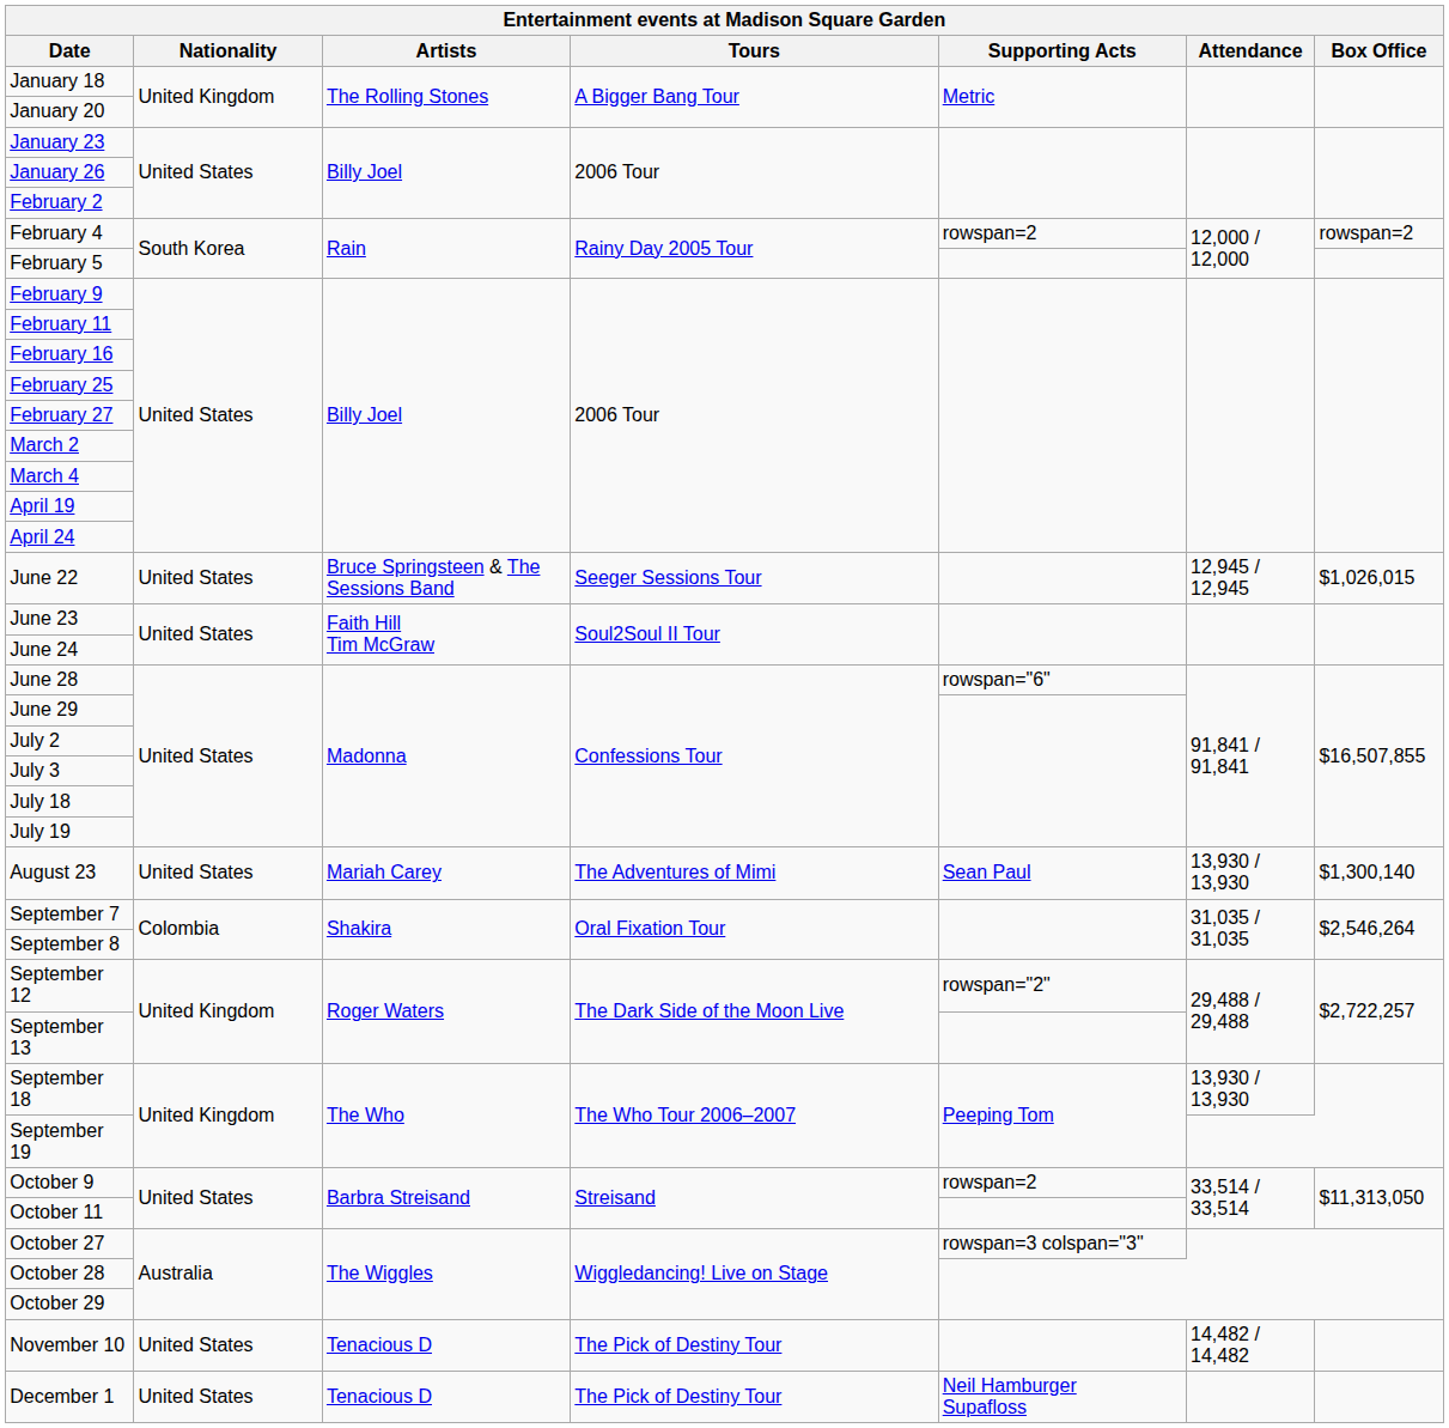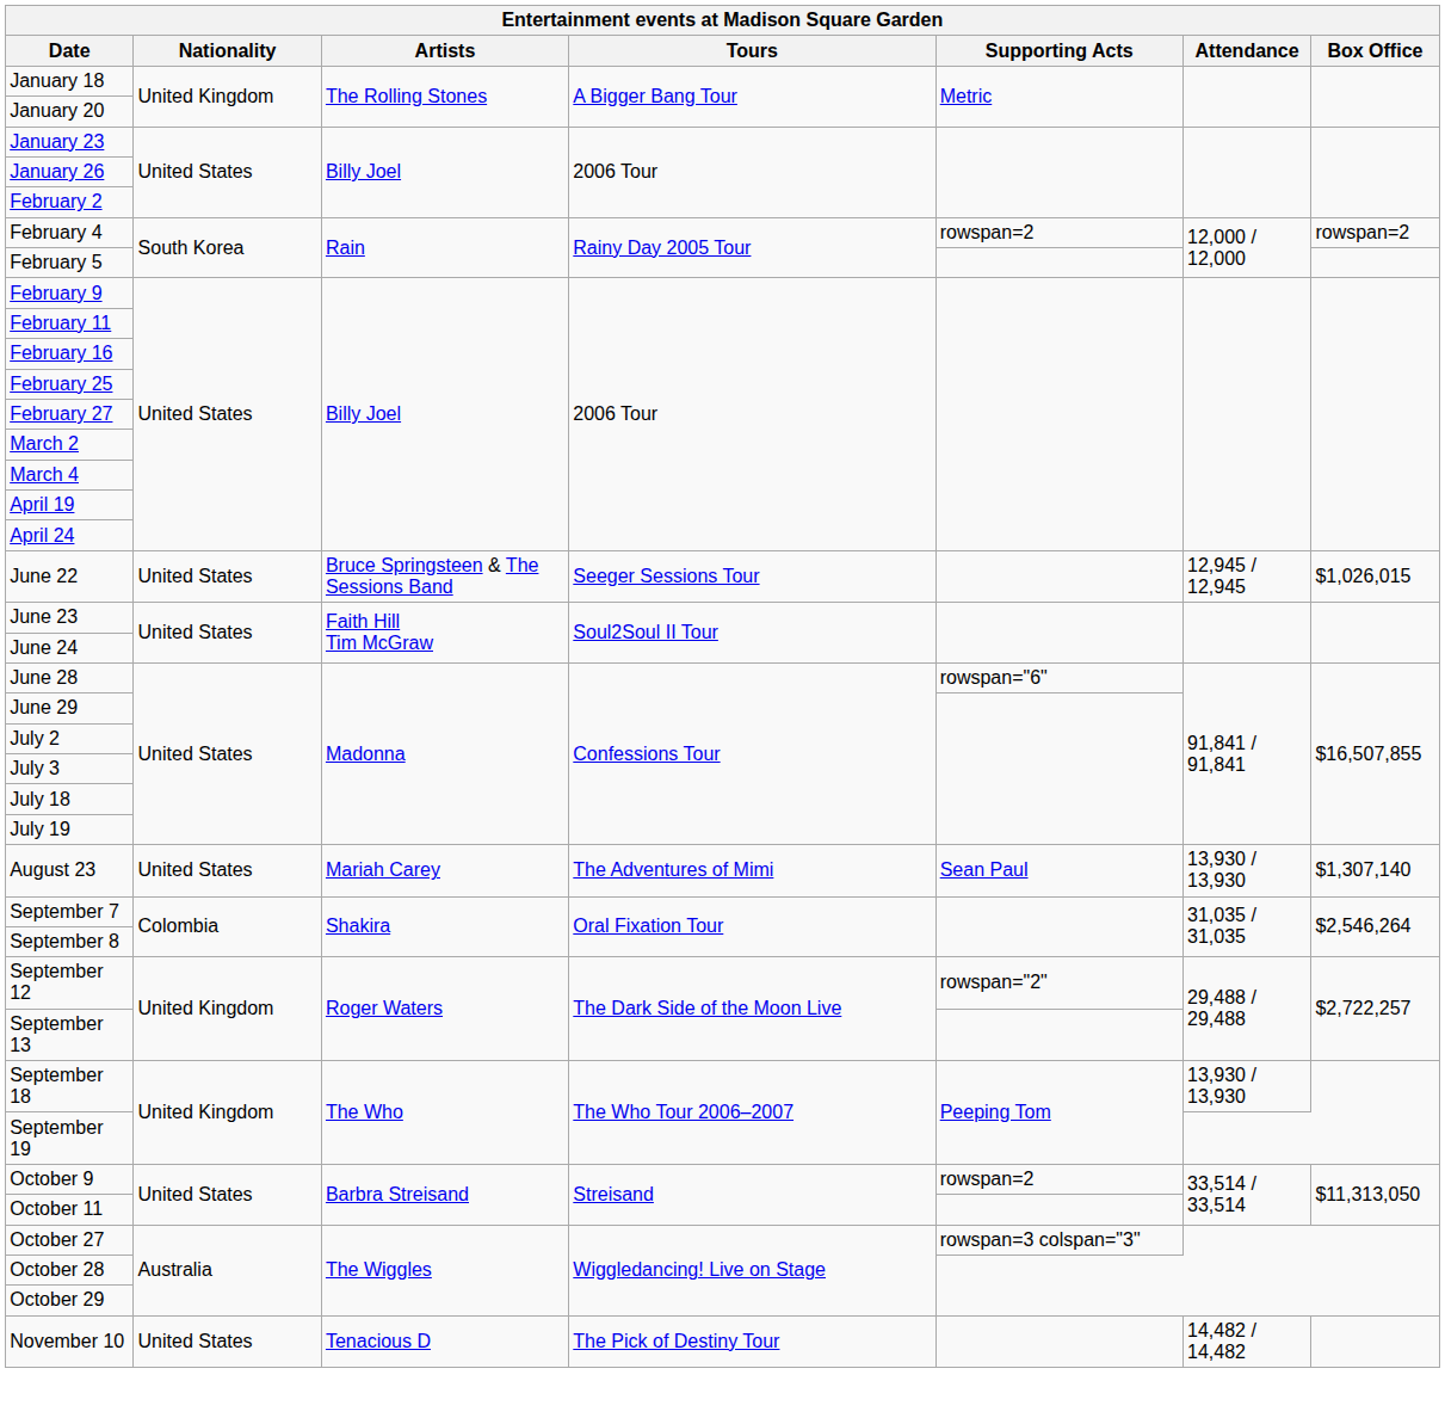 <table class="wikitable">
 <tr>
 <th colspan="7">Entertainment events at Madison Square Garden</th>
 </tr>
 <tr>
 <th width=100>Date</th>
 <th width=150>Nationality</th>
 <th width=200>Artists</th>
 <th width=300>Tours</th>
 <th width=200>Supporting Acts</th>
 <th width=100>Attendance</th>
 <th width=100>Box Office</th>
 </tr>
 <tr>
 <td>January 18</td>
 <td rowspan=2>United Kingdom</td>
 <td rowspan=2><a href='#'>The Rolling Stones</a></td>
 <td rowspan=2><a href='#'>A Bigger Bang Tour</a></td>
 <td rowspan=2><a href='#'>Metric</a></td>
 <td rowspan=2></td>
 <td rowspan=2></td>
 </tr>
 <tr>
 <td>January 20</td>
 </tr>
 <tr>
 <td><a href='#'>January 23</a></td>
 <td rowspan=3>United States</td>
 <td rowspan=3><a href='#'>Billy Joel</a></td>
 <td rowspan=3>2006 Tour</td>
 <td rowspan=3></td>
 <td rowspan=3></td>
 <td rowspan=3></td>
 </tr>
 <tr>
 <td><a href='#'>January 26</a></td>
 </tr>
 <tr>
 <td><a href='#'>February 2</a></td>
 </tr>
 <tr>
 <td>February 4</td>
 <td rowspan=2>South Korea</td>
 <td rowspan=2><a href='#'>Rain</a></td>
 <td rowspan=2><a href='#'>Rainy Day 2005 Tour</a></td>
 <td>rowspan=2 </td>
 <td rowspan=2>12,000 / 12,000</td>
 <td>rowspan=2 </td>
 </tr>
 <tr>
 <td>February 5</td>
 </tr>
 <tr>
 <td><a href='#'>February 9</a></td>
 <td rowspan=9>United States</td>
 <td rowspan=9><a href='#'>Billy Joel</a></td>
 <td rowspan=9>2006 Tour</td>
 <td rowspan=9></td>
 <td rowspan=9></td>
 <td rowspan=9></td>
 </tr>
 <tr>
 <td><a href='#'>February 11</a></td>
 </tr>
 <tr>
 <td><a href='#'>February 16</a></td>
 </tr>
 <tr>
 <td><a href='#'>February 25</a></td>
 </tr>
 <tr>
 <td><a href='#'>February 27</a></td>
 </tr>
 <tr>
 <td><a href='#'>March 2</a></td>
 </tr>
 <tr>
 <td><a href='#'>March 4</a></td>
 </tr>
 <tr>
 <td><a href='#'>April 19</a></td>
 </tr>
 <tr>
 <td><a href='#'>April 24</a></td>
 </tr>
 <tr>
 <td>June 22</td>
 <td>United States</td>
 <td><a href='#'>Bruce Springsteen</a> & <a href='#'>The Sessions Band</a></td>
 <td><a href='#'>Seeger Sessions Tour</a></td>
 <td></td>
 <td>12,945 / 12,945</td>
 <td>$1,026,015</td>
 </tr>
 <tr>
 <td>June 23</td>
 <td rowspan=2>United States</td>
 <td rowspan=2><a href='#'>Faith Hill</a><br><a href='#'>Tim McGraw</a></td>
 <td rowspan=2><a href='#'>Soul2Soul II Tour</a></td>
 <td rowspan=2></td>
 <td rowspan=2></td>
 <td rowspan=2></td>
 </tr>
 <tr>
 <td>June 24</td>
 </tr>
 <tr>
 <td>June 28</td>
 <td rowspan="6">United States</td>
 <td rowspan="6"><a href='#'>Madonna</a></td>
 <td rowspan="6"><a href='#'>Confessions Tour</a></td>
 <td>rowspan="6" </td>
 <td rowspan="6">91,841 / 91,841</td>
 <td rowspan="6">$16,507,855</td>
 </tr>
 <tr>
 <td>June 29</td>
 </tr>
 <tr>
 <td>July 2</td>
 </tr>
 <tr>
 <td>July 3</td>
 </tr>
 <tr>
 <td>July 18</td>
 </tr>
 <tr>
 <td>July 19</td>
 </tr>
 <tr>
 <td>August 23</td>
 <td>United States</td>
 <td><a href='#'>Mariah Carey</a></td>
 <td><a href='#'>The Adventures of Mimi</a></td>
 <td><a href='#'>Sean Paul</a></td>
 <td>13,930 / 13,930</td>
-<td>$1,300,140</td>
+<td>$1,307,140</td>
 </tr>
 <tr>
 <td>September 7</td>
 <td rowspan=2>Colombia</td>
 <td rowspan=2><a href='#'>Shakira</a></td>
 <td rowspan=2><a href='#'>Oral Fixation Tour</a></td>
 <td rowspan=2></td>
 <td rowspan=2>31,035 / 31,035</td>
 <td rowspan=2>$2,546,264</td>
 </tr>
 <tr>
 <td>September 8</td>
 </tr>
 <tr>
 <td>September 12</td>
 <td rowspan="2">United Kingdom</td>
 <td rowspan="2"><a href='#'>Roger Waters</a></td>
 <td rowspan="2"><a href='#'>The Dark Side of the Moon Live</a></td>
 <td>rowspan="2" </td>
 <td rowspan="2">29,488 / 29,488</td>
 <td rowspan="2">$2,722,257</td>
 </tr>
 <tr>
 <td>September 13</td>
 </tr>
 <tr>
 <td>September 18</td>
 <td rowspan="2">United Kingdom</td>
 <td rowspan="2"><a href='#'>The Who</a></td>
 <td rowspan="2"><a href='#'>The Who Tour 2006–2007</a></td>
 <td rowspan="2"><a href='#'>Peeping Tom</a></td>
 <td>13,930 / 13,930</td>
 </tr>
 <tr>
 <td>September 19</td>
 </tr>
 <tr>
 <td>October 9</td>
 <td rowspan=2>United States</td>
 <td rowspan=2><a href='#'>Barbra Streisand</a></td>
 <td rowspan=2><a href='#'>Streisand</a></td>
 <td>rowspan=2 </td>
 <td rowspan=2>33,514 / 33,514</td>
 <td rowspan=2>$11,313,050</td>
 </tr>
 <tr>
 <td>October 11</td>
 </tr>
 <tr>
 <td>October 27</td>
 <td rowspan="3">Australia</td>
 <td rowspan="3"><a href='#'>The Wiggles</a></td>
 <td rowspan="3"><a href='#'>Wiggledancing! Live on Stage</a></td>
 <td>rowspan=3 colspan="3" </td>
 </tr>
 <tr>
 <td>October 28</td>
 </tr>
 <tr>
 <td>October 29</td>
 </tr>
 <tr>
 <td>November 10</td>
 <td>United States</td>
 <td><a href='#'>Tenacious D</a></td>
 <td><a href='#'>The Pick of Destiny Tour</a></td>
 <td></td>
 <td>14,482 / 14,482</td>
 <td></td>
 </tr>
-<tr>
-<td>December 1</td>
-<td>United States</td>
-<td><a href='#'>Tenacious D</a></td>
-<td><a href='#'>The Pick of Destiny Tour</a></td>
-<td><a href='#'>Neil Hamburger</a><br><a href='#'>Supafloss</a></td>
-<td></td>
-<td></td>
-</tr>
 </table>
